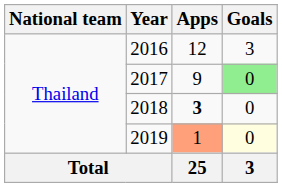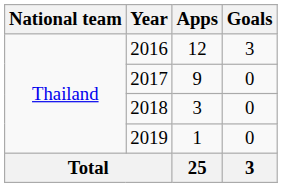 <table class="wikitable" style="text-align:center">
 <tr>
 <th>National team</th>
 <th>Year</th>
 <th>Apps</th>
 <th>Goals</th>
 </tr>
 <tr>
 <td rowspan="4" valign="center"><a href='#'>Thailand</a></td>
 <td>2016</td>
 <td>12</td>
 <td>3</td>
 </tr>
 <tr>
 <td>2017</td>
 <td>9</td>
-<td style="background: lightgreen;">0</td>
+<td>0</td>
 </tr>
 <tr>
 <td>2018</td>
-<td><strong>3</strong></td>
+<td>3</td>
 <td>0</td>
 </tr>
 <tr>
 <td>2019</td>
-<td style="background: lightsalmon;">1</td>
-<td style="background: lightyellow;">0</td>
+<td>1</td>
+<td>0</td>
 </tr>
 <tr>
 <th colspan="2">Total</th>
 <th>25</th>
 <th>3</th>
 </tr>
 </table>
